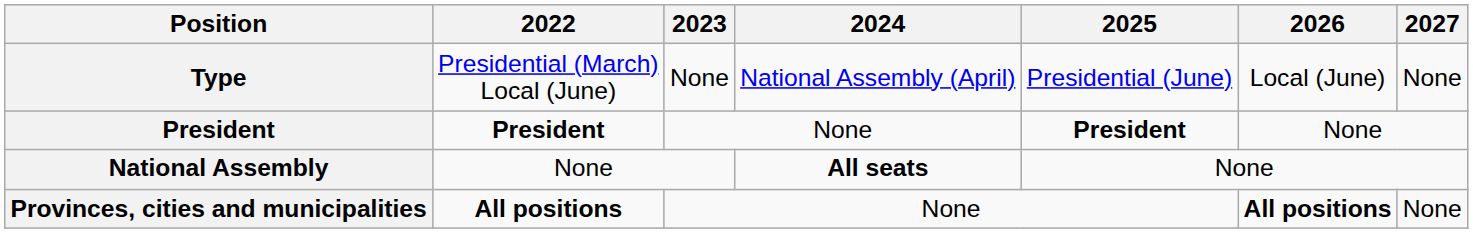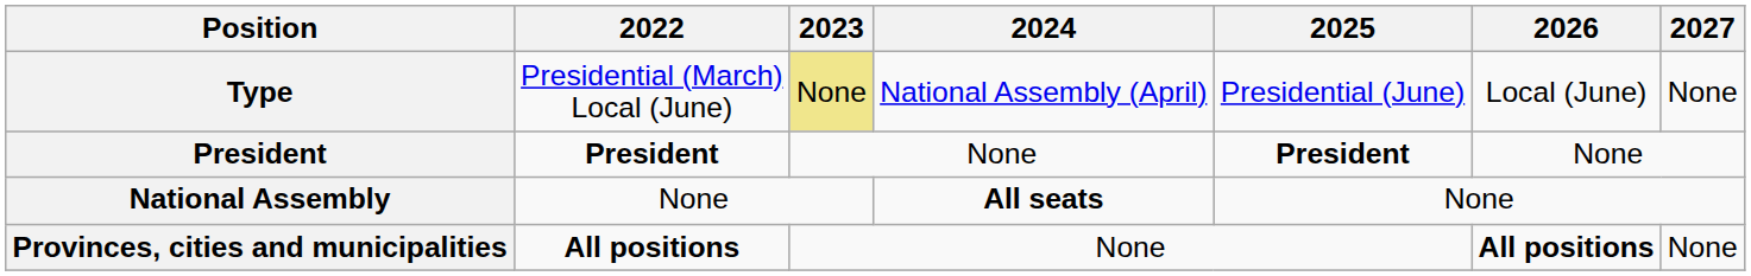 <table class=wikitable style="text-align:center;">
 <tr>
 <th>Position</th>
 <th>2022</th>
 <th>2023</th>
 <th>2024</th>
 <th>2025</th>
 <th>2026</th>
 <th>2027</th>
 </tr>
 <tr>
 <th>Type</th>
 <td><a href='#'>Presidential (March)</a> <br> Local (June)</td>
-<td>None</td>
+<td style="background: khaki;">None</td>
 <td><a href='#'>National Assembly (April)</a></td>
 <td><a href='#'>Presidential (June)</a></td>
 <td>Local (June)</td>
 <td>None</td>
 </tr>
 <tr>
 <th>President</th>
 <td><strong>President</strong></td>
 <td colspan=2>None</td>
 <td><strong>President</strong></td>
 <td colspan=2>None</td>
 </tr>
 <tr>
 <th>National Assembly</th>
 <td colspan=2>None</td>
 <td><strong>All seats</strong></td>
 <td colspan=3>None</td>
 </tr>
 <tr>
 <th>Provinces, cities and municipalities</th>
 <td><strong>All positions</strong></td>
 <td colspan=3>None</td>
 <td><strong>All positions</strong></td>
 <td>None</td>
 </tr>
 </table>
